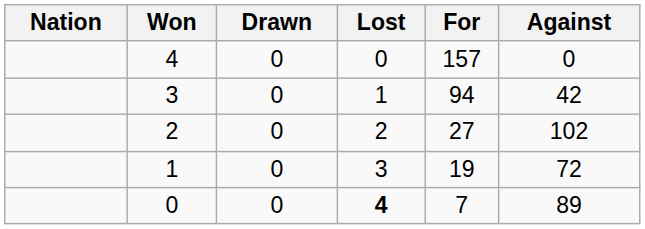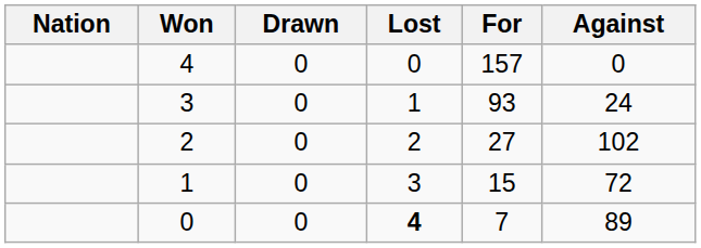 <table class="wikitable" border="1" style="text-align: center; width:50%">
 <tr>
 <th>Nation</th>
 <th>Won</th>
 <th>Drawn</th>
 <th>Lost</th>
 <th>For</th>
 <th>Against</th>
 </tr>
 <tr>
 <td align=left></td>
 <td>4</td>
 <td>0</td>
 <td>0</td>
 <td>157</td>
 <td>0</td>
 </tr>
 <tr>
 <td align=left></td>
 <td>3</td>
 <td>0</td>
 <td>1</td>
-<td>94</td>
-<td>42</td>
+<td>93</td>
+<td>24</td>
 </tr>
 <tr>
 <td align=left></td>
 <td>2</td>
 <td>0</td>
 <td>2</td>
 <td>27</td>
 <td>102</td>
 </tr>
 <tr>
 <td align=left></td>
 <td>1</td>
 <td>0</td>
 <td>3</td>
-<td>19</td>
+<td>15</td>
 <td>72</td>
 </tr>
 <tr>
 <td align=left></td>
 <td>0</td>
 <td>0</td>
 <td><strong>4</strong></td>
 <td>7</td>
 <td>89</td>
 </tr>
 </table>
